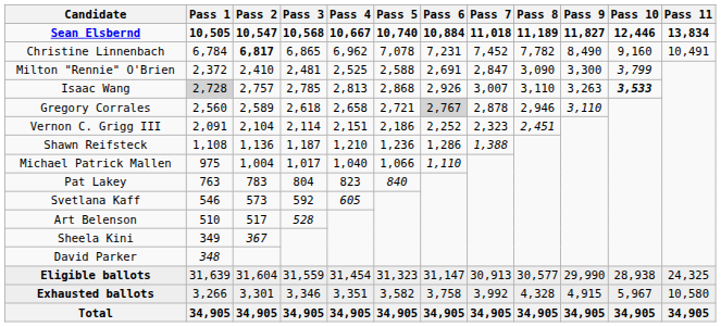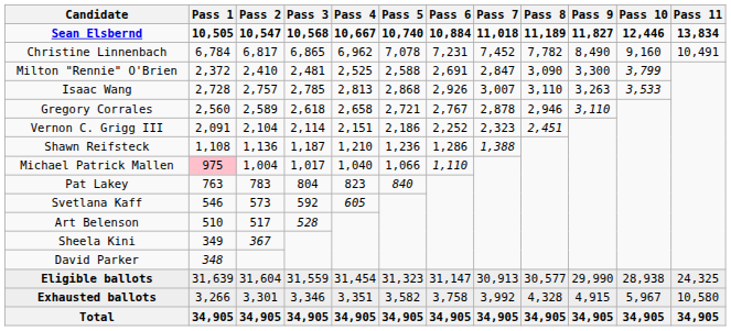 <table class="wikitable" style="text-align: center;">
 <tr>
 <th width="200">Candidate</th>
 <th>Pass 1</th>
 <th>Pass 2</th>
 <th>Pass 3</th>
 <th>Pass 4</th>
 <th>Pass 5</th>
 <th>Pass 6</th>
 <th>Pass 7</th>
 <th>Pass 8</th>
 <th>Pass 9</th>
 <th>Pass 10</th>
 <th>Pass 11</th>
 </tr>
 <tr>
 <td><strong><a href='#'>Sean Elsbernd</a></strong></td>
 <td><strong>10,505</strong></td>
 <td><strong>10,547</strong></td>
 <td><strong>10,568</strong></td>
 <td><strong>10,667</strong></td>
 <td><strong>10,740</strong></td>
 <td><strong>10,884</strong></td>
 <td><strong>11,018</strong></td>
 <td><strong>11,189</strong></td>
 <td><strong>11,827</strong></td>
 <td><strong>12,446</strong></td>
 <td><strong>13,834</strong></td>
 </tr>
 <tr>
 <td>Christine Linnenbach</td>
 <td>6,784</td>
-<td><strong>6,817</strong></td>
+<td>6,817</td>
 <td>6,865</td>
 <td>6,962</td>
 <td>7,078</td>
 <td>7,231</td>
 <td>7,452</td>
 <td>7,782</td>
 <td>8,490</td>
 <td>9,160</td>
 <td>10,491</td>
 </tr>
 <tr>
 <td>Milton "Rennie" O'Brien</td>
 <td>2,372</td>
 <td>2,410</td>
 <td>2,481</td>
 <td>2,525</td>
 <td>2,588</td>
 <td>2,691</td>
 <td>2,847</td>
 <td>3,090</td>
 <td>3,300</td>
 <td><em>3,799</em></td>
 <td rowspan="11"></td>
 </tr>
 <tr>
 <td>Isaac Wang</td>
-<td style="background: lightgrey;">2,728</td>
+<td>2,728</td>
 <td>2,757</td>
 <td>2,785</td>
 <td>2,813</td>
 <td>2,868</td>
 <td>2,926</td>
 <td>3,007</td>
 <td>3,110</td>
 <td>3,263</td>
-<td><strong><em>3,533</em></strong></td>
+<td><em>3,533</em></td>
 </tr>
 <tr>
 <td>Gregory Corrales</td>
 <td>2,560</td>
 <td>2,589</td>
 <td>2,618</td>
 <td>2,658</td>
 <td>2,721</td>
-<td style="background: lightgrey;">2,767</td>
+<td>2,767</td>
 <td>2,878</td>
 <td>2,946</td>
 <td><em>3,110</em></td>
 <td rowspan="9"></td>
 </tr>
 <tr>
 <td>Vernon C. Grigg III</td>
 <td>2,091</td>
 <td>2,104</td>
 <td>2,114</td>
 <td>2,151</td>
 <td>2,186</td>
 <td>2,252</td>
 <td>2,323</td>
 <td><em>2,451</em></td>
 <td rowspan="8"></td>
 </tr>
 <tr>
 <td>Shawn Reifsteck</td>
 <td>1,108</td>
 <td>1,136</td>
 <td>1,187</td>
 <td>1,210</td>
 <td>1,236</td>
 <td>1,286</td>
 <td><em>1,388</em></td>
 <td rowspan="7"></td>
 </tr>
 <tr>
 <td>Michael Patrick Mallen</td>
-<td>975</td>
+<td style="background: pink;">975</td>
 <td>1,004</td>
 <td>1,017</td>
 <td>1,040</td>
 <td>1,066</td>
 <td><em>1,110</em></td>
 <td rowspan="6"></td>
 </tr>
 <tr>
 <td>Pat Lakey</td>
 <td>763</td>
 <td>783</td>
 <td>804</td>
 <td>823</td>
 <td><em>840</em></td>
 <td rowspan="5"></td>
 </tr>
 <tr>
 <td>Svetlana Kaff</td>
 <td>546</td>
 <td>573</td>
 <td>592</td>
 <td><em>605</em></td>
 <td rowspan="4"></td>
 </tr>
 <tr>
 <td>Art Belenson</td>
 <td>510</td>
 <td>517</td>
 <td><em>528</em></td>
 <td rowspan="3"></td>
 </tr>
 <tr>
 <td>Sheela Kini</td>
 <td>349</td>
 <td><em>367</em></td>
 <td rowspan="2"></td>
 </tr>
 <tr>
 <td>David Parker</td>
 <td><em>348</em></td>
 <td></td>
 </tr>
 <tr bgcolor="#EEEEEE">
 <td><strong>Eligible ballots</strong></td>
 <td>31,639</td>
 <td>31,604</td>
 <td>31,559</td>
 <td>31,454</td>
 <td>31,323</td>
 <td>31,147</td>
 <td>30,913</td>
 <td>30,577</td>
 <td>29,990</td>
 <td>28,938</td>
 <td>24,325</td>
 </tr>
 <tr bgcolor="#EEEEEE">
 <td><strong>Exhausted ballots</strong></td>
 <td>3,266</td>
 <td>3,301</td>
 <td>3,346</td>
 <td>3,351</td>
 <td>3,582</td>
 <td>3,758</td>
 <td>3,992</td>
 <td>4,328</td>
 <td>4,915</td>
 <td>5,967</td>
 <td>10,580</td>
 </tr>
 <tr>
 <th scope="row">Total</th>
 <th>34,905</th>
 <th>34,905</th>
 <th>34,905</th>
 <th>34,905</th>
 <th>34,905</th>
 <th>34,905</th>
 <th>34,905</th>
 <th>34,905</th>
 <th>34,905</th>
 <th>34,905</th>
 <th>34,905</th>
 </tr>
 </table>
